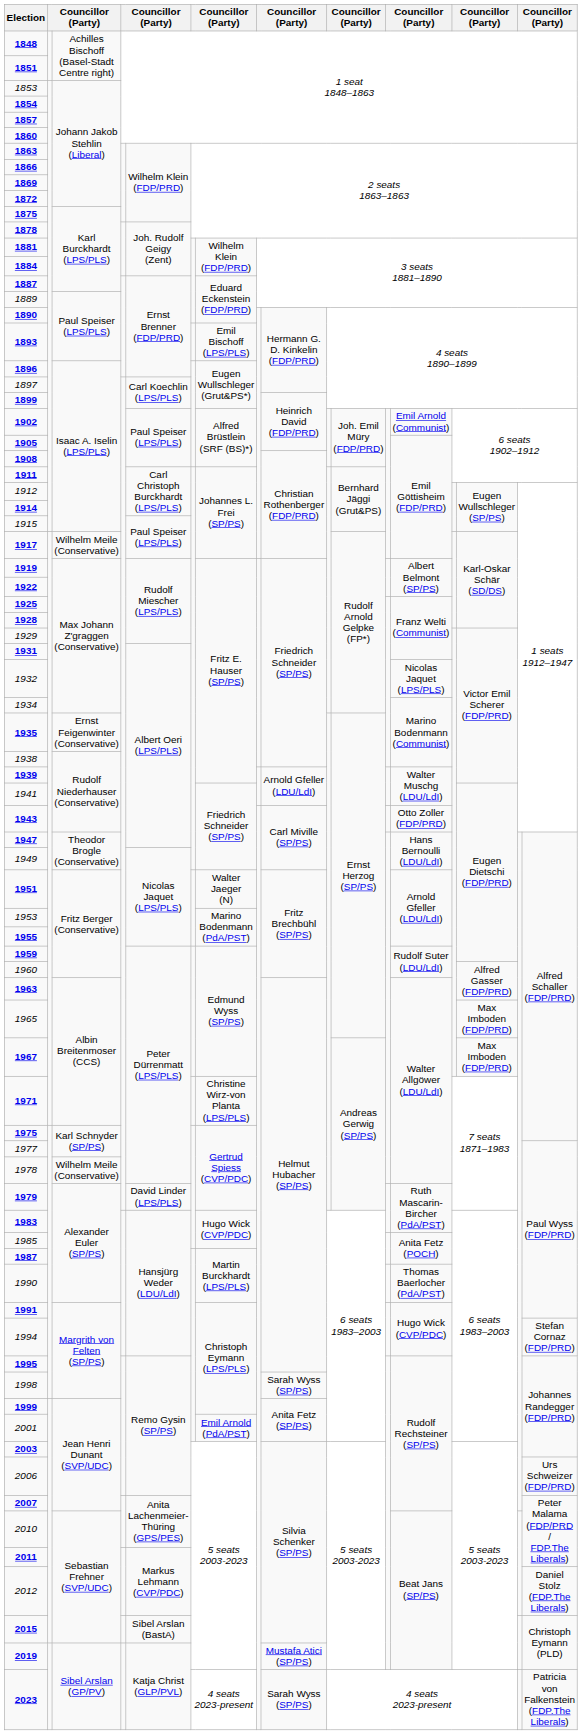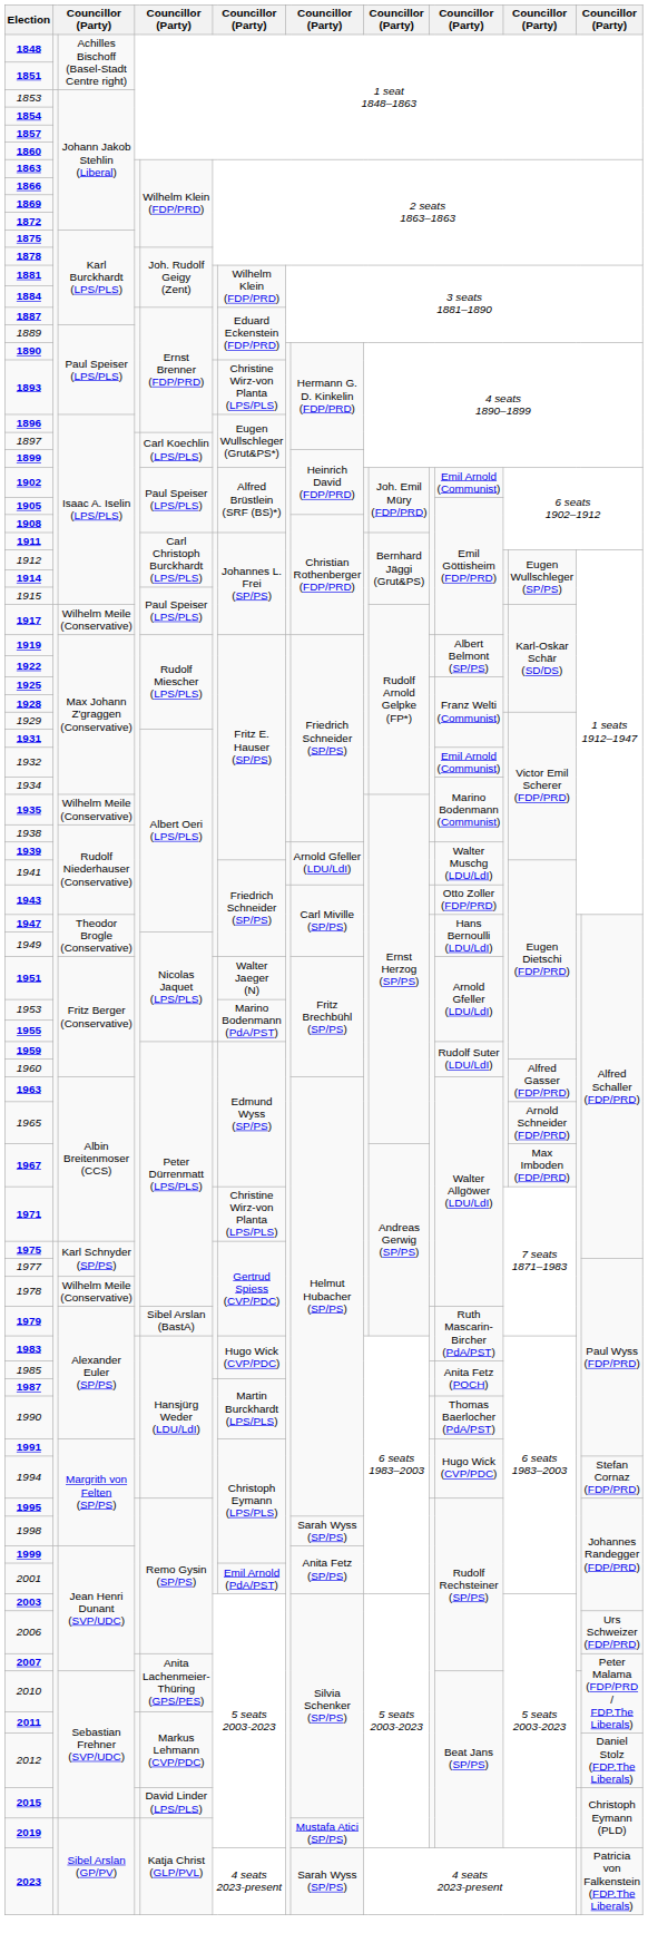 <table class="wikitable" style="text-align:center">
 <tr>
 <th>Election</th>
 <th colspan=2>Councillor<br>(Party)</th>
 <th colspan=2>Councillor<br>(Party)</th>
 <th colspan=2>Councillor<br>(Party)</th>
 <th colspan=2>Councillor<br>(Party)</th>
 <th colspan=2>Councillor<br>(Party)</th>
 <th colspan=2>Councillor<br>(Party)</th>
 <th colspan=2>Councillor<br>(Party)</th>
 <th colspan=2>Councillor<br>(Party)</th>
 </tr>
 <tr>
 <td><strong><a href='#'>1848</a></strong></td>
 <td rowspan=2; style="background-color: "></td>
 <td rowspan=2>Achilles Bischoff<br>(Basel-Stadt Centre right)</td>
 <td style="background-color:#FFFFFF" rowspan=6 colspan=14><em>1 seat<br>1848–1863</em></td>
 </tr>
 <tr>
 <td><strong><a href='#'>1851</a></strong></td>
 </tr>
 <tr>
 <td><em>1853</em></td>
 <td rowspan=26; style="background-color: "></td>
 <td rowspan=8>Johann Jakob Stehlin<br>(<a href='#'>Liberal</a>)</td>
 </tr>
 <tr>
 <td><strong><a href='#'>1854</a></strong></td>
 </tr>
 <tr>
 <td><strong><a href='#'>1857</a></strong></td>
 </tr>
 <tr>
 <td><strong><a href='#'>1860</a></strong></td>
 </tr>
 <tr>
 <td><strong><a href='#'>1863</a></strong></td>
 <td rowspan=5; style="background-color: "></td>
 <td rowspan=5>Wilhelm Klein<br>(<a href='#'>FDP/PRD</a>)</td>
 <td style="background-color:#FFFFFF" rowspan=6 colspan=12><em>2 seats<br>1863–1863</em></td>
 </tr>
 <tr>
 <td><strong><a href='#'>1866</a></strong></td>
 </tr>
 <tr>
 <td><strong><a href='#'>1869</a></strong></td>
 </tr>
 <tr>
 <td><strong><a href='#'>1872</a></strong></td>
 </tr>
 <tr>
 <td><strong><a href='#'>1875</a></strong></td>
 <td rowspan=5>Karl Burckhardt<br>(<a href='#'>LPS/PLS</a>)</td>
 </tr>
 <tr>
 <td><strong><a href='#'>1878</a></strong></td>
 <td rowspan=3; style="background-color: "></td>
 <td rowspan=3>Joh. Rudolf Geigy<br>(Zent)</td>
 </tr>
 <tr>
 <td><strong><a href='#'>1881</a></strong></td>
 <td rowspan=5; style="background-color: "></td>
 <td rowspan=2>Wilhelm Klein<br>(<a href='#'>FDP/PRD</a>)</td>
 <td style="background-color:#FFFFFF" rowspan=4 colspan=10><em>3 seats<br>1881–1890</em></td>
 </tr>
 <tr>
 <td><strong><a href='#'>1884</a></strong></td>
 </tr>
 <tr>
 <td><strong><a href='#'>1887</a></strong></td>
 <td rowspan=5; style="background-color: "></td>
 <td rowspan=5>Ernst Brenner<br>(<a href='#'>FDP/PRD</a>)</td>
 <td rowspan=3>Eduard Eckenstein<br>(<a href='#'>FDP/PRD</a>)</td>
 </tr>
 <tr>
 <td><em>1889</em></td>
 <td rowspan=3>Paul Speiser<br>(<a href='#'>LPS/PLS</a>)</td>
 </tr>
 <tr>
 <td><strong><a href='#'>1890</a></strong></td>
 <td rowspan=13; style="background-color: "></td>
 <td rowspan=4>Hermann G. D. Kinkelin<br>(<a href='#'>FDP/PRD</a>)</td>
 <td style="background-color:#FFFFFF" rowspan=5 colspan=8><em>4 seats<br>1890–1899</em></td>
 </tr>
 <tr>
 <td><strong><a href='#'>1893</a></strong></td>
 <td rowspan=1; style="background-color: "></td>
-<td rowspan=1>Emil Bischoff<br>(<a href='#'>LPS/PLS</a>)</td>
+<td rowspan=1>Christine Wirz-von Planta<br>(<a href='#'>LPS/PLS</a>)</td>
 </tr>
 <tr>
 <td><strong><a href='#'>1896</a></strong></td>
 <td rowspan=10>Isaac A. Iselin<br>(<a href='#'>LPS/PLS</a>)</td>
 <td rowspan=6; style="background-color: "></td>
 <td rowspan=3>Eugen Wullschleger<br>(Grut&PS*)</td>
 </tr>
 <tr>
 <td><em>1897</em></td>
 <td rowspan=38; style="background-color: "></td>
 <td rowspan=2>Carl Koechlin<br>(<a href='#'>LPS/PLS</a>)</td>
 </tr>
 <tr>
 <td><strong><a href='#'>1899</a></strong></td>
 <td rowspan=3>Heinrich David<br>(<a href='#'>FDP/PRD</a>)</td>
 </tr>
 <tr>
 <td><strong><a href='#'>1902</a></strong></td>
 <td rowspan=3>Paul Speiser<br>(<a href='#'>LPS/PLS</a>)</td>
 <td rowspan=3>Alfred Brüstlein<br>(SRF (BS)*)</td>
 <td rowspan=3; style="background-color: "></td>
 <td rowspan=3>Joh. Emil Müry<br>(<a href='#'>FDP/PRD</a>)</td>
 <td rowspan=8; style="background-color: "></td>
 <td rowspan=1><a href='#'>Emil Arnold</a><br>(<a href='#'>Communist</a>)</td>
 <td style="background-color:#FFFFFF" rowspan=4 colspan=10><em>6 seats<br>1902–1912</em></td>
 </tr>
 <tr>
 <td><strong><a href='#'>1905</a></strong></td>
 <td rowspan=7>Emil Göttisheim<br>(<a href='#'>FDP/PRD</a>)</td>
 </tr>
 <tr>
 <td><strong><a href='#'>1908</a></strong></td>
 <td rowspan=6>Christian Rothenberger<br>(<a href='#'>FDP/PRD</a>)</td>
 </tr>
 <tr>
 <td><strong><a href='#'>1911</a></strong></td>
 <td rowspan=3>Carl Christoph Burckhardt<br>(<a href='#'>LPS/PLS</a>)</td>
 <td rowspan=20; style="background-color: "></td>
 <td rowspan=5>Johannes L. Frei<br>(<a href='#'>SP/PS</a>)</td>
 <td rowspan=13; style="background-color: "></td>
 <td rowspan=4>Bernhard Jäggi<br>(Grut&PS)</td>
 </tr>
 <tr>
 <td><em>1912</em></td>
 <td rowspan=3; style="background-color: "></td>
 <td rowspan=3>Eugen Wullschleger<br>(<a href='#'>SP/PS</a>)</td>
 <td style="background-color:#FFFFFF" rowspan=17 colspan=2><em>1 seats<br>1912–1947</em></td>
 </tr>
 <tr>
 <td><strong><a href='#'>1914</a></strong></td>
 </tr>
 <tr>
 <td><em>1915</em></td>
 <td rowspan=2>Paul Speiser<br>(<a href='#'>LPS/PLS</a>)</td>
 </tr>
 <tr>
 <td><strong><a href='#'>1917</a></strong></td>
 <td rowspan=25; style="background-color: "></td>
 <td rowspan=1>Wilhelm Meile<br>(Conservative)</td>
 <td rowspan=9>Rudolf Arnold Gelpke<br>(FP*)</td>
 <td rowspan=5; style="background-color: "></td>
 <td rowspan=5>Karl-Oskar Schär<br>(<a href='#'>SD/DS</a>)</td>
 </tr>
 <tr>
 <td><strong><a href='#'>1919</a></strong></td>
 <td rowspan=8>Max Johann Z'graggen<br>(Conservative)</td>
 <td rowspan=5>Rudolf Miescher<br>(<a href='#'>LPS/PLS</a>)</td>
 <td rowspan=11>Fritz E. Hauser<br>(<a href='#'>SP/PS</a>)</td>
 <td rowspan=10; style="background-color: "></td>
 <td rowspan=10>Friedrich Schneider<br>(<a href='#'>SP/PS</a>)</td>
 <td rowspan=2; style="background-color: "></td>
 <td rowspan=2>Albert Belmont<br>(<a href='#'>SP/PS</a>)</td>
 </tr>
 <tr>
 <td><strong><a href='#'>1922</a></strong></td>
 </tr>
 <tr>
 <td><strong><a href='#'>1925</a></strong></td>
 <td rowspan=8; style="background-color: "></td>
 <td rowspan=4>Franz Welti<br>(<a href='#'>Communist</a>)</td>
 </tr>
 <tr>
 <td><strong><a href='#'>1928</a></strong></td>
 </tr>
 <tr>
 <td><em>1929</em></td>
 <td rowspan=19; style="background-color: "></td>
 <td rowspan=7>Victor Emil Scherer<br>(<a href='#'>FDP/PRD</a>)</td>
 </tr>
 <tr>
 <td><strong><a href='#'>1931</a></strong></td>
 <td rowspan=9>Albert Oeri<br>(<a href='#'>LPS/PLS</a>)</td>
 </tr>
 <tr>
 <td><em>1932</em></td>
-<td rowspan=1>Nicolas Jaquet<br>(<a href='#'>LPS/PLS</a>)</td>
+<td rowspan=1><a href='#'>Emil Arnold</a><br>(<a href='#'>Communist</a>)</td>
 </tr>
 <tr>
 <td><em>1934</em></td>
 <td rowspan=3>Marino Bodenmann<br>(<a href='#'>Communist</a>)</td>
 </tr>
 <tr>
 <td><strong><a href='#'>1935</a></strong></td>
-<td rowspan=1>Ernst Feigenwinter<br>(Conservative)</td>
+<td rowspan=1>Wilhelm Meile<br>(Conservative)</td>
 <td rowspan=20; style="background-color: "></td>
 <td rowspan=14>Ernst Herzog<br>(<a href='#'>SP/PS</a>)</td>
 </tr>
 <tr>
 <td><em>1938</em></td>
 <td rowspan=4>Rudolf Niederhauser<br>(Conservative)</td>
 </tr>
 <tr>
 <td><strong><a href='#'>1939</a></strong></td>
 <td rowspan=2; style="background-color: "></td>
 <td rowspan=2>Arnold Gfeller<br>(<a href='#'>LDU/LdI</a>)</td>
 <td rowspan=2; style="background-color: "></td>
 <td rowspan=2>Walter Muschg<br>(<a href='#'>LDU/LdI</a>)</td>
 </tr>
 <tr>
 <td><em>1941</em></td>
 <td rowspan=4>Friedrich Schneider<br>(<a href='#'>SP/PS</a>)</td>
 <td rowspan=8>Eugen Dietschi<br>(<a href='#'>FDP/PRD</a>)</td>
 </tr>
 <tr>
 <td><strong><a href='#'>1943</a></strong></td>
 <td rowspan=35; style="background-color: "></td>
 <td rowspan=3>Carl Miville<br>(<a href='#'>SP/PS</a>)</td>
 <td rowspan=1; style="background-color: "></td>
 <td rowspan=1>Otto Zoller<br>(<a href='#'>FDP/PRD</a>)</td>
 </tr>
 <tr>
 <td><strong><a href='#'>1947</a></strong></td>
 <td rowspan=2>Theodor Brogle<br>(Conservative)</td>
 <td rowspan=14; style="background-color: "></td>
 <td rowspan=2>Hans Bernoulli<br>(<a href='#'>LDU/LdI</a>)</td>
 <td rowspan=28; style="background-color: "></td>
 <td rowspan=12>Alfred Schaller<br>(<a href='#'>FDP/PRD</a>)</td>
 </tr>
 <tr>
 <td><em>1949</em></td>
 <td rowspan=4>Nicolas Jaquet<br>(<a href='#'>LPS/PLS</a>)</td>
 </tr>
 <tr>
 <td><strong><a href='#'>1951</a></strong></td>
 <td rowspan=5>Fritz Berger<br>(Conservative)</td>
 <td rowspan=3; style="background-color: "></td>
 <td rowspan=1>Walter Jaeger<br>(N)</td>
 <td rowspan=5>Fritz Brechbühl<br>(<a href='#'>SP/PS</a>)</td>
 <td rowspan=3>Arnold Gfeller<br>(<a href='#'>LDU/LdI</a>)</td>
 </tr>
 <tr>
 <td><em>1953</em></td>
 <td rowspan=2>Marino Bodenmann<br>(<a href='#'>PdA/PST</a>)</td>
 </tr>
 <tr>
 <td><strong><a href='#'>1955</a></strong></td>
 </tr>
 <tr>
 <td><strong><a href='#'>1959</a></strong></td>
 <td rowspan=9>Peter Dürrenmatt<br>(<a href='#'>LPS/PLS</a>)</td>
 <td rowspan=5; style="background-color: "></td>
 <td rowspan=5>Edmund Wyss<br>(<a href='#'>SP/PS</a>)</td>
 <td rowspan=2>Rudolf Suter<br>(<a href='#'>LDU/LdI</a>)</td>
 </tr>
 <tr>
 <td><em>1960</em></td>
 <td rowspan=2>Alfred Gasser<br>(<a href='#'>FDP/PRD</a>)</td>
 </tr>
 <tr>
 <td><strong><a href='#'>1963</a></strong></td>
 <td rowspan=4>Albin Breitenmoser<br>(CCS)</td>
 <td rowspan=15>Helmut Hubacher<br>(<a href='#'>SP/PS</a>)</td>
 <td rowspan=7>Walter Allgöwer<br>(<a href='#'>LDU/LdI</a>)</td>
 </tr>
 <tr>
 <td><em>1965</em></td>
-<td rowspan=1>Max Imboden<br>(<a href='#'>FDP/PRD</a>)</td>
+<td rowspan=1>Arnold Schneider<br>(<a href='#'>FDP/PRD</a>)</td>
 </tr>
 <tr>
 <td><strong><a href='#'>1967</a></strong></td>
 <td rowspan=6>Andreas Gerwig<br>(<a href='#'>SP/PS</a>)</td>
 <td rowspan=1>Max Imboden<br>(<a href='#'>FDP/PRD</a>)</td>
 </tr>
 <tr>
 <td><strong><a href='#'>1971</a></strong></td>
 <td rowspan=1; style="background-color: "></td>
 <td rowspan=1>Christine Wirz-von Planta<br>(<a href='#'>LPS/PLS</a>)</td>
 <td style="background-color:#FFFFFF" rowspan=5 colspan=2><em>7 seats<br>1871–1983</em></td>
 </tr>
 <tr>
 <td><strong><a href='#'>1975</a></strong></td>
 <td rowspan=12; style="background-color: "></td>
 <td rowspan=2>Karl Schnyder<br>(<a href='#'>SP/PS</a>)</td>
 <td rowspan=6; style="background-color: "></td>
 <td rowspan=4><a href='#'>Gertrud Spiess</a><br>(<a href='#'>CVP/PDC</a>)</td>
 </tr>
 <tr>
 <td><em>1977</em></td>
 <td rowspan=8>Paul Wyss<br>(<a href='#'>FDP/PRD</a>)</td>
 </tr>
 <tr>
 <td><em>1978</em></td>
 <td rowspan=1>Wilhelm Meile<br>(Conservative)</td>
 </tr>
 <tr>
 <td><strong><a href='#'>1979</a></strong></td>
 <td rowspan=5>Alexander Euler<br>(<a href='#'>SP/PS</a>)</td>
-<td rowspan=1>David Linder<br>(<a href='#'>LPS/PLS</a>)</td>
+<td rowspan=1>Sibel Arslan<br>(BastA)</td>
 <td rowspan=2; style="background-color: "></td>
 <td rowspan=2>Ruth Mascarin-Bircher<br>(<a href='#'>PdA/PST</a>)</td>
 </tr>
 <tr>
 <td><strong><a href='#'>1983</a></strong></td>
 <td rowspan=6; style="background-color: "></td>
 <td rowspan=6>Hansjürg Weder<br>(<a href='#'>LDU/LdI</a>)</td>
 <td rowspan=2>Hugo Wick<br>(<a href='#'>CVP/PDC</a>)</td>
 <td style="background-color:#FFFFFF" rowspan=10 colspan=2><em>6 seats<br>1983–2003</em></td>
 <td style="background-color:#FFFFFF" rowspan=10 colspan=2><em>6 seats<br>1983–2003</em></td>
 </tr>
 <tr>
 <td><em>1985</em></td>
 <td rowspan=2; style="background-color: "></td>
 <td rowspan=2>Anita Fetz<br>(<a href='#'>POCH</a>)</td>
 </tr>
 <tr>
 <td><strong><a href='#'>1987</a></strong></td>
 <td rowspan=8; style="background-color: "></td>
 <td rowspan=2>Martin Burckhardt<br>(<a href='#'>LPS/PLS</a>)</td>
 </tr>
 <tr>
 <td><em>1990</em></td>
 <td rowspan=1; style="background-color: "></td>
 <td rowspan=1>Thomas Baerlocher<br>(<a href='#'>PdA/PST</a>)</td>
 </tr>
 <tr>
 <td><strong><a href='#'>1991</a></strong></td>
 <td rowspan=4><a href='#'>Margrith von Felten</a><br>(<a href='#'>SP/PS</a>)</td>
 <td rowspan=5>Christoph Eymann<br>(<a href='#'>LPS/PLS</a>)</td>
 <td rowspan=2; style="background-color: "></td>
 <td rowspan=2>Hugo Wick<br>(<a href='#'>CVP/PDC</a>)</td>
 </tr>
 <tr>
 <td><em>1994</em></td>
 <td rowspan=1>Stefan Cornaz<br>(<a href='#'>FDP/PRD</a>)</td>
 </tr>
 <tr>
 <td><strong><a href='#'>1995</a></strong></td>
 <td rowspan=6; style="background-color: "></td>
 <td rowspan=6>Remo Gysin<br>(<a href='#'>SP/PS</a>)</td>
 <td rowspan=12; style="background-color: "></td>
 <td rowspan=7>Rudolf Rechsteiner<br>(<a href='#'>SP/PS</a>)</td>
 <td rowspan=5>Johannes Randegger<br>(<a href='#'>FDP/PRD</a>)</td>
 </tr>
 <tr>
 <td><em>1998</em></td>
 <td rowspan=1>Sarah Wyss<br>(<a href='#'>SP/PS</a>)</td>
 </tr>
 <tr>
 <td><strong><a href='#'>1999</a></strong></td>
 <td rowspan=9; style="background-color: "></td>
 <td rowspan=5>Jean Henri Dunant<br>(<a href='#'>SVP/UDC</a>)</td>
 <td rowspan=2>Anita Fetz<br>(<a href='#'>SP/PS</a>)</td>
 </tr>
 <tr>
 <td><em>2001</em></td>
 <td rowspan=1><a href='#'>Emil Arnold</a><br>(<a href='#'>PdA/PST</a>)</td>
 </tr>
 <tr>
 <td><strong><a href='#'>2003</a></strong></td>
 <td style="background-color:#FFFFFF" rowspan=8 colspan=2><em>5 seats<br>2003-2023</em></td>
 <td rowspan=7>Silvia Schenker<br>(<a href='#'>SP/PS</a>)</td>
 <td style="background-color:#FFFFFF" rowspan=8 colspan=2><em>5 seats<br>2003-2023</em></td>
 <td style="background-color:#FFFFFF" rowspan=8 colspan=2><em>5 seats<br>2003-2023</em></td>
 </tr>
 <tr>
 <td><em>2006</em></td>
 <td rowspan=1>Urs Schweizer<br>(<a href='#'>FDP/PRD</a>)</td>
 </tr>
 <tr>
 <td><strong><a href='#'>2007</a></strong></td>
 <td rowspan=2; style="background-color: "></td>
 <td rowspan=2>Anita Lachenmeier-Thüring<br>(<a href='#'>GPS/PES</a>)</td>
 <td rowspan=3>Peter Malama<br>(<a href='#'>FDP/PRD</a> /<br><a href='#'>FDP.The Liberals</a>)</td>
 </tr>
 <tr>
 <td><em>2010</em></td>
 <td rowspan=4>Sebastian Frehner<br>(<a href='#'>SVP/UDC</a>)</td>
 <td rowspan=5>Beat Jans<br>(<a href='#'>SP/PS</a>)</td>
 <td rowspan=3; style="background-color: "></td>
 </tr>
 <tr>
 <td><strong><a href='#'>2011</a></strong></td>
 <td rowspan=2; style="background-color: "></td>
 <td rowspan=2>Markus Lehmann<br>(<a href='#'>CVP/PDC</a>)</td>
 </tr>
 <tr>
 <td><em>2012</em></td>
 <td rowspan=1>Daniel Stolz<br>(<a href='#'>FDP.The Liberals</a>)</td>
 </tr>
 <tr>
 <td><strong><a href='#'>2015</a></strong></td>
 <td rowspan=1; style="background-color: "></td>
-<td rowspan=1>Sibel Arslan<br>(BastA)</td>
+<td rowspan=1>David Linder<br>(<a href='#'>LPS/PLS</a>)</td>
 <td rowspan=2; style="background-color: "></td>
 <td rowspan=2>Christoph Eymann<br>(PLD)</td>
 </tr>
 <tr>
 <td><strong><a href='#'>2019</a></strong></td>
 <td rowspan=2; style="background-color: "></td>
 <td rowspan=2><a href='#'>Sibel Arslan</a><br>(<a href='#'>GP/PV</a>)</td>
 <td rowspan=2; style="background-color: "></td>
 <td rowspan=2>Katja Christ<br>(<a href='#'>GLP/PVL</a>)</td>
 <td rowspan=1><a href='#'>Mustafa Atici</a><br>(<a href='#'>SP/PS</a>)</td>
 </tr>
 <tr>
 <td><strong><a href='#'>2023</a></strong></td>
 <td style="background-color:#FFFFFF" rowspan=8 colspan=2><em>4 seats<br>2023-present</em></td>
 <td rowspan=1>Sarah Wyss<br>(<a href='#'>SP/PS</a>)</td>
 <td style="background-color:#FFFFFF" rowspan=8 colspan=6><em>4 seats<br>2023-present</em></td>
 <td rowspan=1; style="background-color: "></td>
 <td rowspan=1>Patricia von Falkenstein<br>(<a href='#'>FDP.The Liberals</a>)</td>
 </tr>
 </table>
